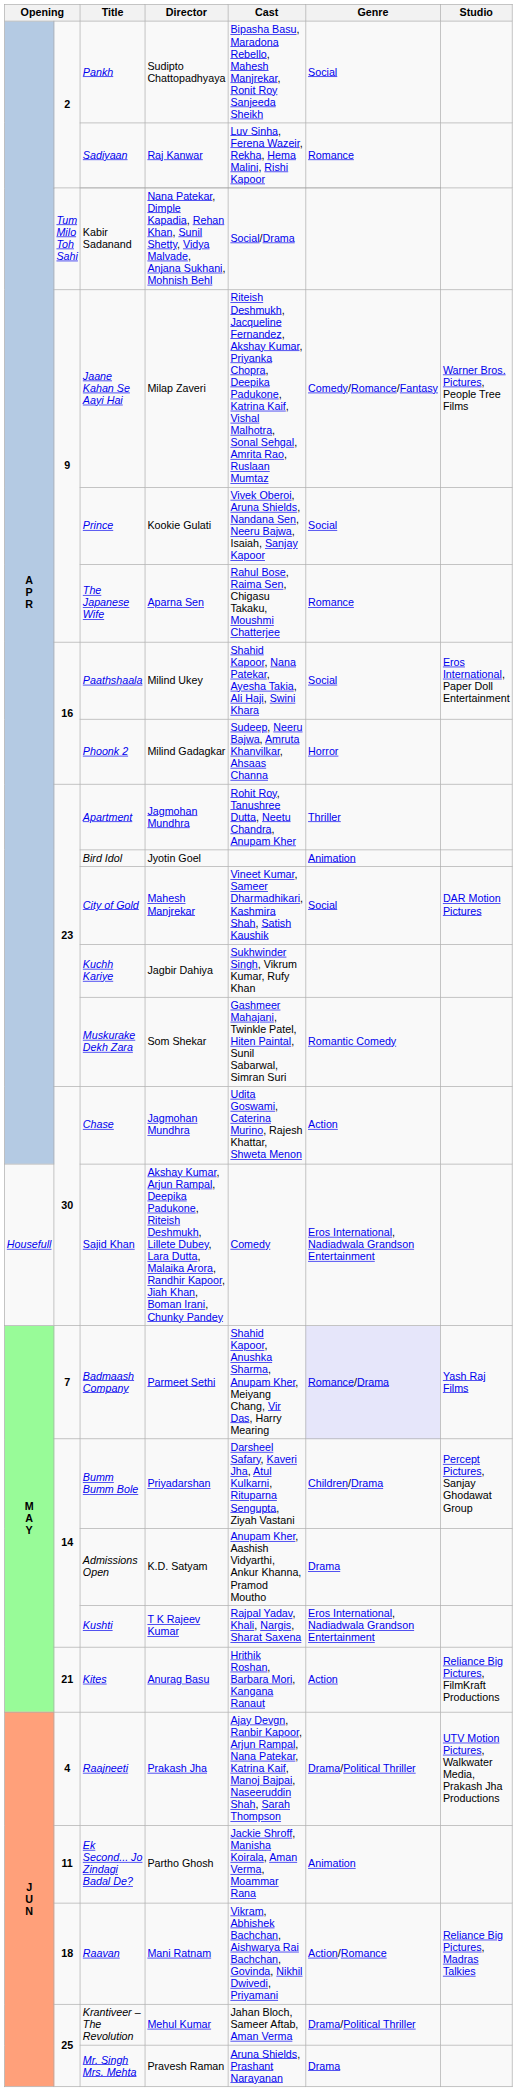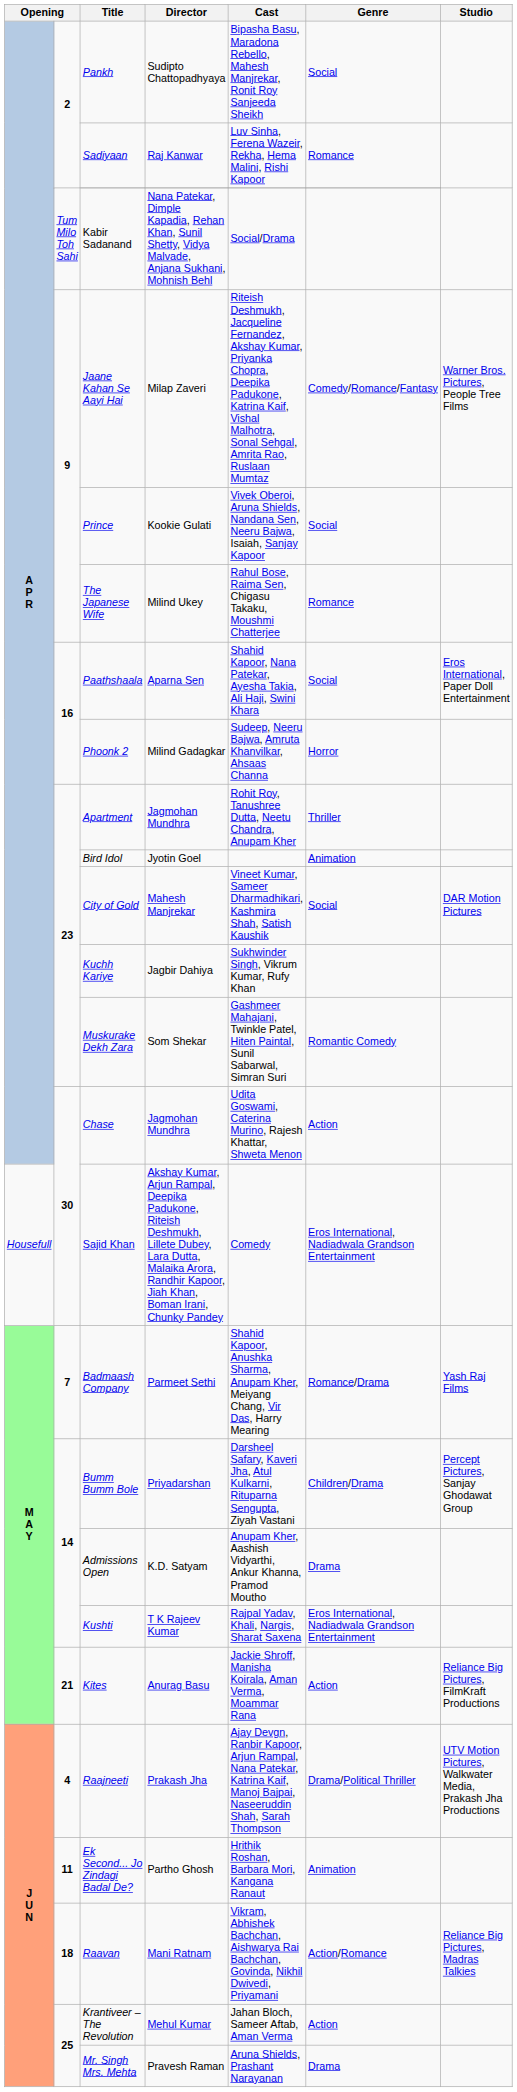 <table class="wikitable">
 <tr>
 <th colspan="2">Opening</th>
 <th>Title</th>
 <th>Director</th>
 <th>Cast</th>
 <th>Genre</th>
 <th>Studio</th>
 </tr>
 <tr>
 <td rowspan="15"   style="text-align:center; background:#b4cae3;"><strong>A<br>P<br>R</strong></td>
 <td rowspan="3" style="text-align:center;"><strong>2</strong></td>
 <td><em><a href='#'>Pankh</a></em></td>
 <td>Sudipto Chattopadhyaya</td>
 <td><a href='#'>Bipasha Basu</a>, <a href='#'>Maradona Rebello</a>, <a href='#'>Mahesh Manjrekar</a>, <a href='#'>Ronit Roy</a> <a href='#'>Sanjeeda Sheikh</a></td>
 <td><a href='#'>Social</a></td>
 <td></td>
 </tr>
 <tr>
 <td><em><a href='#'>Sadiyaan</a></em></td>
 <td><a href='#'>Raj Kanwar</a></td>
 <td><a href='#'>Luv Sinha</a>, <a href='#'>Ferena Wazeir</a>, <a href='#'>Rekha</a>, <a href='#'>Hema Malini</a>, <a href='#'>Rishi Kapoor</a></td>
 <td><a href='#'>Romance</a></td>
 <td></td>
 </tr>
 <tr>
 </tr>
 <tr>
 <td><em><a href='#'>Tum Milo Toh Sahi</a></em></td>
 <td>Kabir Sadanand</td>
 <td><a href='#'>Nana Patekar</a>, <a href='#'>Dimple Kapadia</a>, <a href='#'>Rehan Khan</a>, <a href='#'>Sunil Shetty</a>, <a href='#'>Vidya Malvade</a>, <a href='#'>Anjana Sukhani</a>, <a href='#'>Mohnish Behl</a></td>
 <td><a href='#'>Social</a>/<a href='#'>Drama</a></td>
 <td></td>
 </tr>
 <tr>
 <td rowspan="3" style="text-align:center;"><strong>9</strong></td>
 <td><em><a href='#'>Jaane Kahan Se Aayi Hai</a></em></td>
 <td>Milap Zaveri</td>
 <td><a href='#'>Riteish Deshmukh</a>, <a href='#'>Jacqueline Fernandez</a>, <a href='#'>Akshay Kumar</a>, <a href='#'>Priyanka Chopra</a>, <a href='#'>Deepika Padukone</a>, <a href='#'>Katrina Kaif</a>, <a href='#'>Vishal Malhotra</a>, <a href='#'>Sonal Sehgal</a>, <a href='#'>Amrita Rao</a>, <a href='#'>Ruslaan Mumtaz</a></td>
 <td><a href='#'>Comedy</a>/<a href='#'>Romance</a>/<a href='#'>Fantasy</a></td>
 <td><a href='#'>Warner Bros. Pictures</a>, People Tree Films</td>
 </tr>
 <tr>
 <td><em><a href='#'>Prince</a></em></td>
 <td>Kookie Gulati</td>
 <td><a href='#'>Vivek Oberoi</a>, <a href='#'>Aruna Shields</a>, <a href='#'>Nandana Sen</a>, <a href='#'>Neeru Bajwa</a>, Isaiah, <a href='#'>Sanjay Kapoor</a></td>
 <td><a href='#'>Social</a></td>
 <td></td>
 </tr>
 <tr>
 <td><em><a href='#'>The Japanese Wife</a></em></td>
-<td><a href='#'>Aparna Sen</a></td>
+<td>Milind Ukey</td>
 <td><a href='#'>Rahul Bose</a>, <a href='#'>Raima Sen</a>, Chigasu Takaku, <a href='#'>Moushmi Chatterjee</a></td>
 <td><a href='#'>Romance</a></td>
 <td></td>
 </tr>
 <tr>
 <td rowspan="2" style="text-align:center;"><strong>16</strong></td>
 <td><em><a href='#'>Paathshaala</a></em></td>
-<td>Milind Ukey</td>
+<td><a href='#'>Aparna Sen</a></td>
 <td><a href='#'>Shahid Kapoor</a>, <a href='#'>Nana Patekar</a>, <a href='#'>Ayesha Takia</a>, <a href='#'>Ali Haji</a>, <a href='#'>Swini Khara</a></td>
 <td><a href='#'>Social</a></td>
 <td><a href='#'>Eros International</a>, Paper Doll Entertainment</td>
 </tr>
 <tr>
 <td><em><a href='#'>Phoonk 2</a></em></td>
 <td>Milind Gadagkar</td>
 <td><a href='#'>Sudeep</a>, <a href='#'>Neeru Bajwa</a>, <a href='#'>Amruta Khanvilkar</a>, <a href='#'>Ahsaas Channa</a></td>
 <td><a href='#'>Horror</a></td>
 <td></td>
 </tr>
 <tr>
 <td rowspan="5" style="text-align:center;"><strong>23</strong></td>
 <td><em><a href='#'>Apartment</a></em></td>
 <td><a href='#'>Jagmohan Mundhra</a></td>
 <td><a href='#'>Rohit Roy</a>, <a href='#'>Tanushree Dutta</a>, <a href='#'>Neetu Chandra</a>, <a href='#'>Anupam Kher</a></td>
 <td><a href='#'>Thriller</a></td>
 <td></td>
 </tr>
 <tr>
 <td><em>Bird Idol</em></td>
 <td>Jyotin Goel</td>
 <td></td>
 <td><a href='#'>Animation</a></td>
 <td></td>
 </tr>
 <tr>
 <td><em><a href='#'>City of Gold</a></em></td>
 <td><a href='#'>Mahesh Manjrekar</a></td>
 <td><a href='#'>Vineet Kumar</a>, <a href='#'>Sameer Dharmadhikari</a>, <a href='#'>Kashmira Shah</a>, <a href='#'>Satish Kaushik</a></td>
 <td><a href='#'>Social</a></td>
 <td><a href='#'>DAR Motion Pictures</a></td>
 </tr>
 <tr>
 <td><em><a href='#'>Kuchh Kariye</a></em></td>
 <td>Jagbir Dahiya</td>
 <td><a href='#'>Sukhwinder Singh</a>, Vikrum Kumar, Rufy Khan</td>
 <td></td>
 <td></td>
 </tr>
 <tr>
 <td><em><a href='#'>Muskurake Dekh Zara</a></em></td>
 <td>Som Shekar</td>
 <td><a href='#'>Gashmeer Mahajani</a>, Twinkle Patel, <a href='#'>Hiten Paintal</a>, Sunil Sabarwal, Simran Suri</td>
 <td><a href='#'>Romantic Comedy</a></td>
 <td></td>
 </tr>
 <tr>
 <td rowspan="2" style="text-align:center;"><strong>30</strong></td>
 <td><em><a href='#'>Chase</a></em></td>
 <td><a href='#'>Jagmohan Mundhra</a></td>
 <td><a href='#'>Udita Goswami</a>, <a href='#'>Caterina Murino</a>, Rajesh Khattar, <a href='#'>Shweta Menon</a></td>
 <td><a href='#'>Action</a></td>
 <td></td>
 </tr>
 <tr>
 <td><em><a href='#'>Housefull</a></em></td>
 <td><a href='#'>Sajid Khan</a></td>
 <td><a href='#'>Akshay Kumar</a>, <a href='#'>Arjun Rampal</a>, <a href='#'>Deepika Padukone</a>, <a href='#'>Riteish Deshmukh</a>, <a href='#'>Lillete Dubey</a>, <a href='#'>Lara Dutta</a>, <a href='#'>Malaika Arora</a>, <a href='#'>Randhir Kapoor</a>, <a href='#'>Jiah Khan</a>, <a href='#'>Boman Irani</a>, <a href='#'>Chunky Pandey</a></td>
 <td><a href='#'>Comedy</a></td>
 <td><a href='#'>Eros International</a>, <a href='#'>Nadiadwala Grandson Entertainment</a></td>
 </tr>
 <tr>
 <td rowspan="5"   style="text-align:center; background:#98fb98; textcolor:#000;"><strong>M<br>A<br>Y</strong></td>
 <td style="text-align:center;"><strong>7</strong></td>
 <td><em><a href='#'>Badmaash Company</a></em></td>
 <td><a href='#'>Parmeet Sethi</a></td>
 <td><a href='#'>Shahid Kapoor</a>, <a href='#'>Anushka Sharma</a>, <a href='#'>Anupam Kher</a>, Meiyang Chang, <a href='#'>Vir Das</a>, Harry Mearing</td>
-<td style="background: lavender;"><a href='#'>Romance</a>/<a href='#'>Drama</a></td>
+<td><a href='#'>Romance</a>/<a href='#'>Drama</a></td>
 <td><a href='#'>Yash Raj Films</a></td>
 </tr>
 <tr>
 <td rowspan="3" style="text-align:center;"><strong>14</strong></td>
 <td><em><a href='#'>Bumm Bumm Bole</a></em></td>
 <td><a href='#'>Priyadarshan</a></td>
 <td><a href='#'>Darsheel Safary</a>, <a href='#'>Kaveri Jha</a>, <a href='#'>Atul Kulkarni</a>, <a href='#'>Rituparna Sengupta</a>, Ziyah Vastani</td>
 <td><a href='#'>Children</a>/<a href='#'>Drama</a></td>
 <td><a href='#'>Percept Pictures</a>, Sanjay Ghodawat Group</td>
 </tr>
 <tr>
 <td><em>Admissions Open</em></td>
 <td>K.D. Satyam</td>
 <td><a href='#'>Anupam Kher</a>, Aashish Vidyarthi, Ankur Khanna, Pramod Moutho</td>
 <td><a href='#'>Drama</a></td>
 <td></td>
 </tr>
 <tr>
 <td><em><a href='#'>Kushti</a></em></td>
 <td><a href='#'>T K Rajeev Kumar</a></td>
 <td><a href='#'>Rajpal Yadav</a>, <a href='#'>Khali</a>, <a href='#'>Nargis</a>, <a href='#'>Sharat Saxena</a></td>
 <td><a href='#'>Eros International</a>, <a href='#'>Nadiadwala Grandson Entertainment</a></td>
 <td></td>
 </tr>
 <tr>
 <td rowspan="1" style="text-align:center;"><strong>21</strong></td>
 <td><em><a href='#'>Kites</a></em></td>
 <td><a href='#'>Anurag Basu</a></td>
-<td><a href='#'>Hrithik Roshan</a>, <a href='#'>Barbara Mori</a>, <a href='#'>Kangana Ranaut</a></td>
+<td><a href='#'>Jackie Shroff</a>, <a href='#'>Manisha Koirala</a>, <a href='#'>Aman Verma</a>, <a href='#'>Moammar Rana</a></td>
 <td><a href='#'>Action</a></td>
 <td><a href='#'>Reliance Big Pictures</a>, FilmKraft Productions</td>
 </tr>
 <tr>
 <td rowspan="6"   style="text-align:center; background:#ffa07a;u textcolor:#000;"><strong>J<br>U<br>N</strong></td>
 <td style="text-align:center;"><strong>4</strong></td>
 <td><em><a href='#'>Raajneeti</a></em></td>
 <td><a href='#'>Prakash Jha</a></td>
 <td><a href='#'>Ajay Devgn</a>, <a href='#'>Ranbir Kapoor</a>, <a href='#'>Arjun Rampal</a>, <a href='#'>Nana Patekar</a>, <a href='#'>Katrina Kaif</a>, <a href='#'>Manoj Bajpai</a>, <a href='#'>Naseeruddin Shah</a>, <a href='#'>Sarah Thompson</a></td>
 <td><a href='#'>Drama</a>/<a href='#'>Political Thriller</a></td>
 <td><a href='#'>UTV Motion Pictures</a>, Walkwater Media, Prakash Jha Productions</td>
 </tr>
 <tr>
 <td style="text-align:center;"><strong>11</strong></td>
 <td><em><a href='#'>Ek Second... Jo Zindagi Badal De?</a></em></td>
 <td>Partho Ghosh</td>
-<td><a href='#'>Jackie Shroff</a>, <a href='#'>Manisha Koirala</a>, <a href='#'>Aman Verma</a>, <a href='#'>Moammar Rana</a></td>
+<td><a href='#'>Hrithik Roshan</a>, <a href='#'>Barbara Mori</a>, <a href='#'>Kangana Ranaut</a></td>
 <td><a href='#'>Animation</a></td>
 <td></td>
 </tr>
 <tr>
 <td style="text-align:center;"><strong>18</strong></td>
 <td><em><a href='#'>Raavan</a></em></td>
 <td><a href='#'>Mani Ratnam</a></td>
 <td><a href='#'>Vikram</a>, <a href='#'>Abhishek Bachchan</a>, <a href='#'>Aishwarya Rai Bachchan</a>, <a href='#'>Govinda</a>, <a href='#'>Nikhil Dwivedi</a>, <a href='#'>Priyamani</a></td>
 <td><a href='#'>Action</a>/<a href='#'>Romance</a></td>
 <td><a href='#'>Reliance Big Pictures</a>, <a href='#'>Madras Talkies</a></td>
 </tr>
 <tr>
 <td rowspan="2" style="text-align:center;"><strong>25</strong></td>
 <td><em>Krantiveer – The Revolution</em></td>
 <td><a href='#'>Mehul Kumar</a></td>
 <td>Jahan Bloch, Sameer Aftab, <a href='#'>Aman Verma</a></td>
-<td><a href='#'>Drama</a>/<a href='#'>Political Thriller</a></td>
+<td><a href='#'>Action</a></td>
 <td></td>
 </tr>
 <tr>
 <td><em><a href='#'>Mr. Singh Mrs. Mehta</a></em></td>
 <td>Pravesh Raman</td>
 <td><a href='#'>Aruna Shields</a>, <a href='#'>Prashant Narayanan</a></td>
 <td><a href='#'>Drama</a></td>
 <td></td>
 </tr>
 </table>
